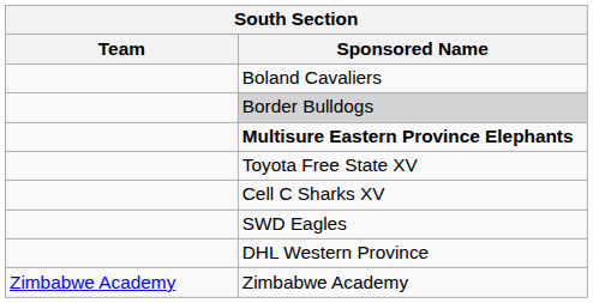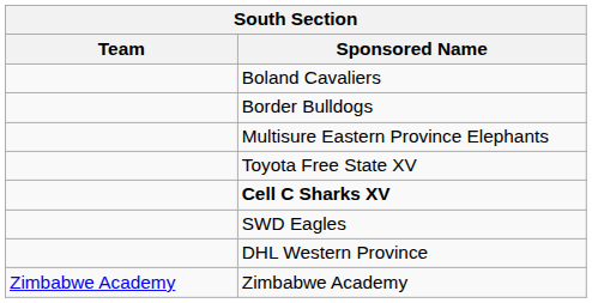 <table class="wikitable collapsible sortable" style="text-align:left; font-size:100%; width:40%;">
 <tr>
 <th colspan="100%" align=center>South Section</th>
 </tr>
 <tr>
 <th width="40%">Team</th>
 <th width="60%">Sponsored Name</th>
 </tr>
 <tr>
 <td></td>
 <td>Boland Cavaliers</td>
 </tr>
 <tr>
 <td></td>
-<td style="background: lightgrey;">Border Bulldogs</td>
+<td>Border Bulldogs</td>
 </tr>
 <tr>
 <td></td>
-<td><strong>Multisure Eastern Province Elephants</strong></td>
+<td>Multisure Eastern Province Elephants</td>
 </tr>
 <tr>
 <td></td>
 <td>Toyota Free State XV</td>
 </tr>
 <tr>
 <td></td>
-<td>Cell C Sharks XV</td>
+<td><strong>Cell C Sharks XV</strong></td>
 </tr>
 <tr>
 <td></td>
 <td>SWD Eagles</td>
 </tr>
 <tr>
 <td></td>
 <td>DHL Western Province</td>
 </tr>
 <tr>
 <td><a href='#'>Zimbabwe Academy</a></td>
 <td>Zimbabwe Academy</td>
 </tr>
 </table>
